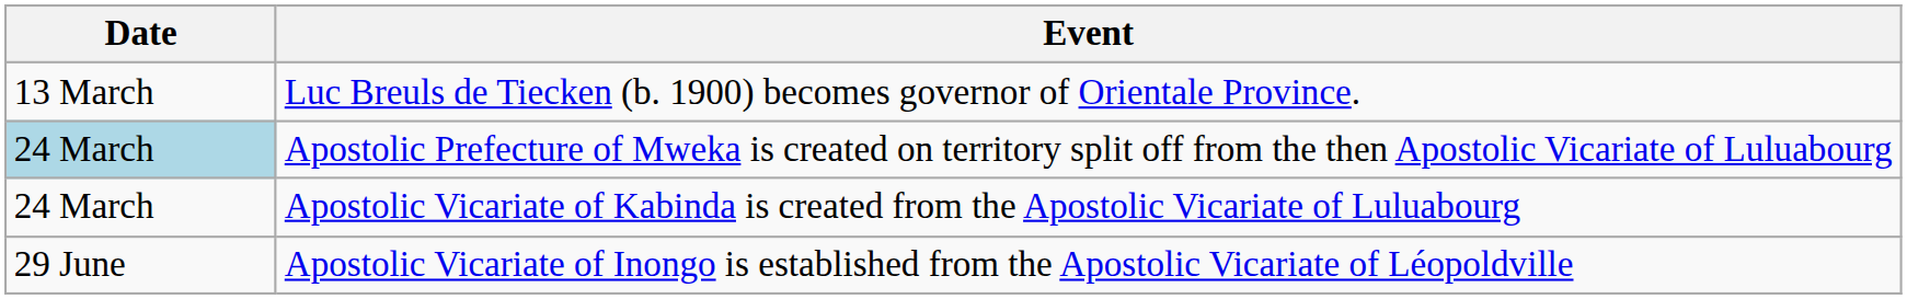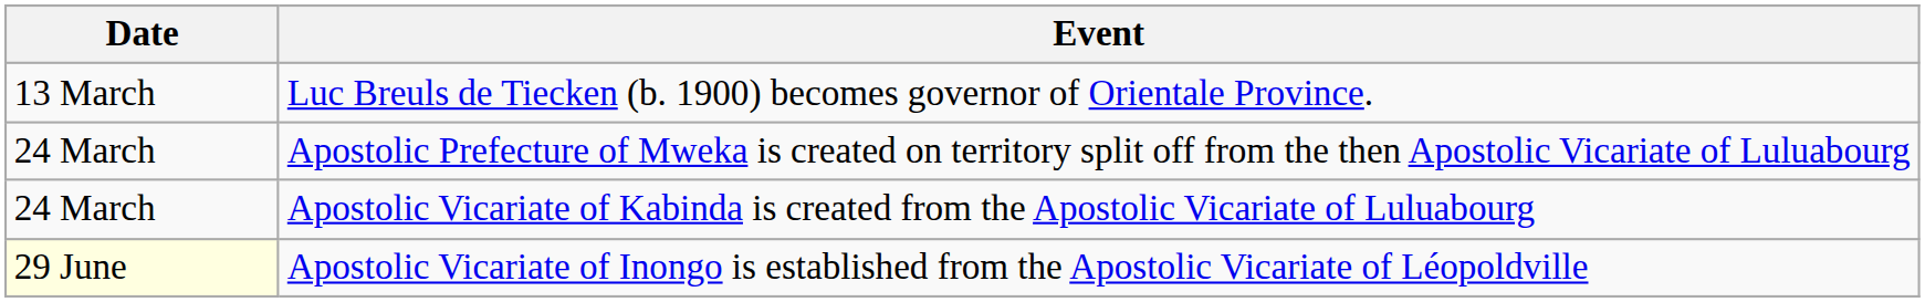 <table class=wikitable>
 <tr>
 <th style="width:7em">Date</th>
 <th>Event</th>
 </tr>
 <tr>
 <td>13 March</td>
 <td><a href='#'>Luc Breuls de Tiecken</a> (b. 1900) becomes governor of <a href='#'>Orientale Province</a>.</td>
 </tr>
 <tr>
-<td style="background: lightblue;">24 March</td>
+<td>24 March</td>
 <td><a href='#'>Apostolic Prefecture of Mweka</a> is created on territory split off from the then <a href='#'>Apostolic Vicariate of Luluabourg</a></td>
 </tr>
 <tr>
 <td>24 March</td>
 <td><a href='#'>Apostolic Vicariate of Kabinda</a> is created from the <a href='#'>Apostolic Vicariate of Luluabourg</a></td>
 </tr>
 <tr>
-<td>29 June</td>
+<td style="background: lightyellow;">29 June</td>
 <td><a href='#'>Apostolic Vicariate of Inongo</a> is established from the <a href='#'>Apostolic Vicariate of Léopoldville</a></td>
 </tr>
 </table>
